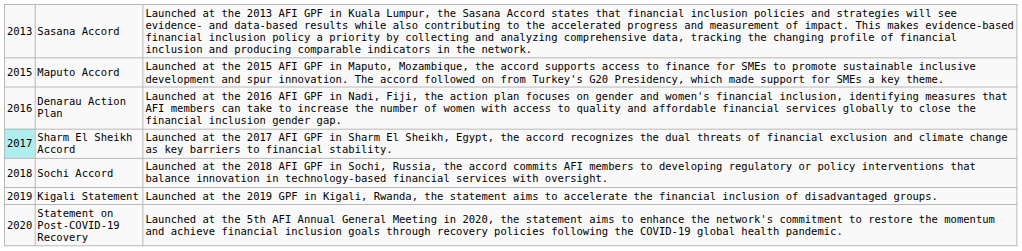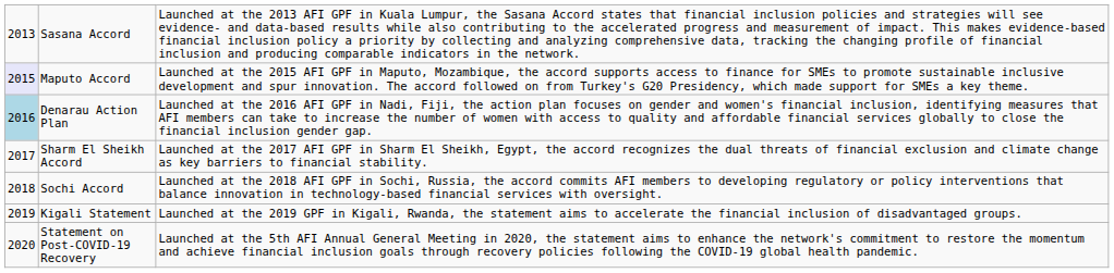 <table class="wikitable">
 <tr>
 <td>2013</td>
 <td>Sasana Accord</td>
 <td>Launched  at the 2013 AFI GPF in Kuala Lumpur, the Sasana Accord states that financial  inclusion policies and strategies will see evidence- and data-based results  while also contributing to the accelerated progress and measurement of  impact. This makes evidence-based financial inclusion policy a priority by  collecting and analyzing comprehensive data, tracking the changing profile of  financial inclusion and producing comparable indicators in the network.</td>
 </tr>
 <tr>
-<td>2015</td>
+<td style="background: lavender;">2015</td>
 <td>Maputo Accord</td>
 <td>Launched  at the 2015 AFI GPF in Maputo, Mozambique, the accord supports access to  finance for SMEs to promote sustainable inclusive development and spur  innovation. The accord followed on from Turkey's G20 Presidency, which made  support for SMEs a key theme.</td>
 </tr>
 <tr>
-<td>2016</td>
+<td style="background: lightblue;">2016</td>
 <td>Denarau Action Plan</td>
 <td>Launched  at the 2016 AFI GPF in Nadi, Fiji, the action plan focuses on gender and  women's financial inclusion, identifying measures that AFI members can take  to increase the number of women with access to quality and affordable  financial services globally to close the financial inclusion gender gap.</td>
 </tr>
 <tr>
-<td style="background: paleturquoise;">2017</td>
+<td>2017</td>
 <td>Sharm El Sheikh Accord</td>
 <td>Launched  at the 2017 AFI GPF in Sharm El Sheikh, Egypt, the accord recognizes the dual  threats of financial exclusion and climate change as key barriers to  financial stability.</td>
 </tr>
 <tr>
 <td>2018</td>
 <td>Sochi  Accord</td>
 <td>Launched at the 2018 AFI GPF in Sochi, Russia, the accord commits AFI members to  developing regulatory or policy interventions that balance innovation in  technology-based financial services with oversight.</td>
 </tr>
 <tr>
 <td>2019</td>
 <td>Kigali  Statement</td>
 <td>Launched  at the 2019 GPF in Kigali, Rwanda, the statement aims to accelerate the financial  inclusion of disadvantaged groups.</td>
 </tr>
 <tr>
 <td>2020</td>
 <td>Statement on Post-COVID-19 Recovery</td>
 <td>Launched  at the 5th AFI Annual General Meeting in 2020, the statement aims to  enhance the network's commitment to restore the momentum and achieve  financial inclusion goals through recovery policies following the COVID-19  global health pandemic.</td>
 </tr>
 </table>
